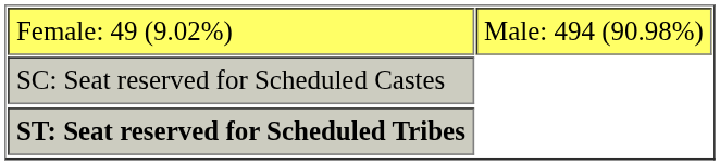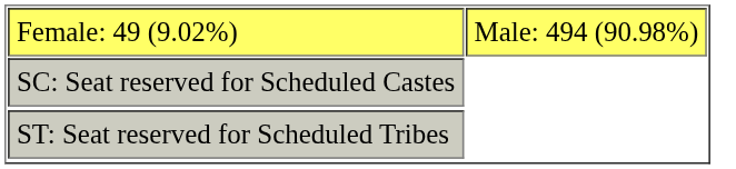 <table border=1 cellspacing=1 cellpadding=4>
 <tr bgcolor=#FFFF66>
 <td>Female: 49 (9.02%)</td>
 <td>Male: 494 (90.98%)</td>
 </tr>
 <tr BGCOLOR=#ccccc>
 <td>SC: Seat reserved for Scheduled Castes</td>
 </tr>
 <tr>
 </tr>
 <tr BGCOLOR=#ccccc>
-<td><strong>ST: Seat reserved for Scheduled Tribes</strong></td>
+<td>ST: Seat reserved for Scheduled Tribes</td>
 </tr>
 <tr>
 </tr>
 </table>
